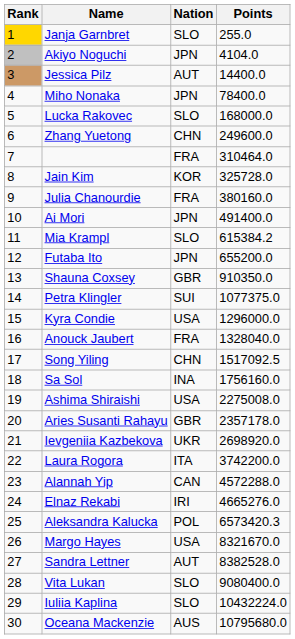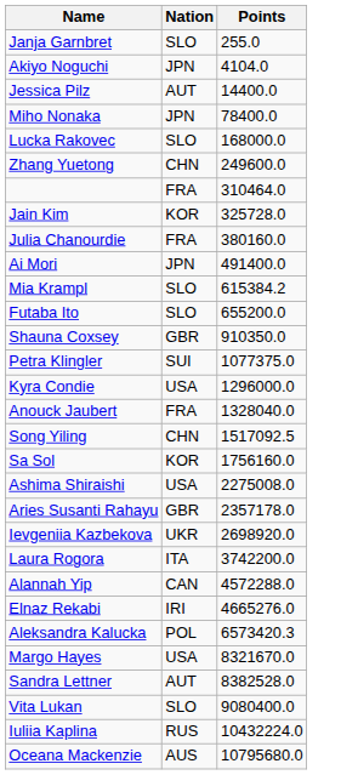 <table class="wikitable">
 <tr>
-<th>Rank</th>
 <th>Name</th>
 <th>Nation</th>
 <th>Points</th>
 </tr>
 <tr>
-<td style="background: gold">1</td>
 <td> <a href='#'>Janja Garnbret</a></td>
 <td>SLO</td>
 <td>255.0</td>
 </tr>
 <tr>
-<td style="background: silver">2</td>
 <td> <a href='#'>Akiyo Noguchi</a></td>
 <td>JPN</td>
 <td>4104.0</td>
 </tr>
 <tr>
-<td style="background: #cc9966">3</td>
 <td> <a href='#'>Jessica Pilz</a></td>
 <td>AUT</td>
 <td>14400.0</td>
 </tr>
 <tr>
-<td>4</td>
 <td> <a href='#'>Miho Nonaka</a></td>
 <td>JPN</td>
 <td>78400.0</td>
 </tr>
 <tr>
-<td>5</td>
 <td> <a href='#'>Lucka Rakovec</a></td>
 <td>SLO</td>
 <td>168000.0</td>
 </tr>
 <tr>
-<td>6</td>
 <td> <a href='#'>Zhang Yuetong</a></td>
 <td>CHN</td>
 <td>249600.0</td>
 </tr>
 <tr>
-<td>7</td>
 <td> </td>
 <td>FRA</td>
 <td>310464.0</td>
 </tr>
 <tr>
-<td>8</td>
 <td> <a href='#'>Jain Kim</a></td>
 <td>KOR</td>
 <td>325728.0</td>
 </tr>
 <tr>
-<td>9</td>
 <td> <a href='#'>Julia Chanourdie</a></td>
 <td>FRA</td>
 <td>380160.0</td>
 </tr>
 <tr>
-<td>10</td>
 <td> <a href='#'>Ai Mori</a></td>
 <td>JPN</td>
 <td>491400.0</td>
 </tr>
 <tr>
-<td>11</td>
 <td> <a href='#'>Mia Krampl</a></td>
 <td>SLO</td>
 <td>615384.2</td>
 </tr>
 <tr>
-<td>12</td>
 <td> <a href='#'>Futaba Ito</a></td>
-<td>JPN</td>
+<td>SLO</td>
 <td>655200.0</td>
 </tr>
 <tr>
-<td>13</td>
 <td> <a href='#'>Shauna Coxsey</a></td>
 <td>GBR</td>
 <td>910350.0</td>
 </tr>
 <tr>
-<td>14</td>
 <td> <a href='#'>Petra Klingler</a></td>
 <td>SUI</td>
 <td>1077375.0</td>
 </tr>
 <tr>
-<td>15</td>
 <td> <a href='#'>Kyra Condie</a></td>
 <td>USA</td>
 <td>1296000.0</td>
 </tr>
 <tr>
-<td>16</td>
 <td> <a href='#'>Anouck Jaubert</a></td>
 <td>FRA</td>
 <td>1328040.0</td>
 </tr>
 <tr>
-<td>17</td>
 <td> <a href='#'>Song Yiling</a></td>
 <td>CHN</td>
 <td>1517092.5</td>
 </tr>
 <tr>
-<td>18</td>
 <td> <a href='#'>Sa Sol</a></td>
-<td>INA</td>
+<td>KOR</td>
 <td>1756160.0</td>
 </tr>
 <tr>
-<td>19</td>
 <td> <a href='#'>Ashima Shiraishi</a></td>
 <td>USA</td>
 <td>2275008.0</td>
 </tr>
 <tr>
-<td>20</td>
 <td> <a href='#'>Aries Susanti Rahayu</a></td>
 <td>GBR</td>
 <td>2357178.0</td>
 </tr>
 <tr>
-<td>21</td>
 <td> <a href='#'>Ievgeniia Kazbekova</a></td>
 <td>UKR</td>
 <td>2698920.0</td>
 </tr>
 <tr>
-<td>22</td>
 <td> <a href='#'>Laura Rogora</a></td>
 <td>ITA</td>
 <td>3742200.0</td>
 </tr>
 <tr>
-<td>23</td>
 <td> <a href='#'>Alannah Yip</a></td>
 <td>CAN</td>
 <td>4572288.0</td>
 </tr>
 <tr>
-<td>24</td>
 <td> <a href='#'>Elnaz Rekabi</a></td>
 <td>IRI</td>
 <td>4665276.0</td>
 </tr>
 <tr>
-<td>25</td>
 <td> <a href='#'>Aleksandra Kalucka</a></td>
 <td>POL</td>
 <td>6573420.3</td>
 </tr>
 <tr>
-<td>26</td>
 <td> <a href='#'>Margo Hayes</a></td>
 <td>USA</td>
 <td>8321670.0</td>
 </tr>
 <tr>
-<td>27</td>
 <td> <a href='#'>Sandra Lettner</a></td>
 <td>AUT</td>
 <td>8382528.0</td>
 </tr>
 <tr>
-<td>28</td>
 <td> <a href='#'>Vita Lukan</a></td>
 <td>SLO</td>
 <td>9080400.0</td>
 </tr>
 <tr>
-<td>29</td>
 <td> <a href='#'>Iuliia Kaplina</a></td>
-<td>SLO</td>
+<td>RUS</td>
 <td>10432224.0</td>
 </tr>
 <tr>
-<td>30</td>
 <td> <a href='#'>Oceana Mackenzie</a></td>
 <td>AUS</td>
 <td>10795680.0</td>
 </tr>
 </table>
